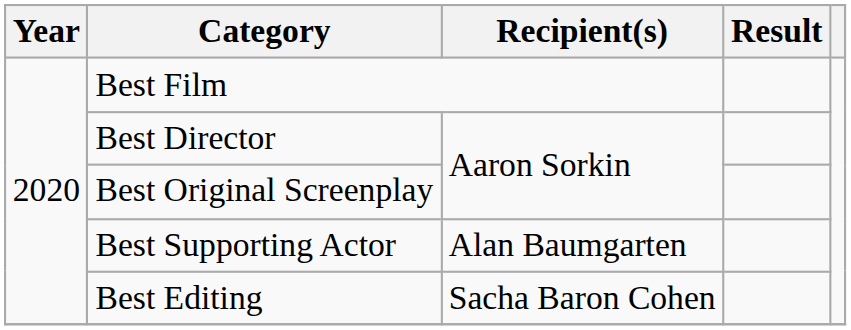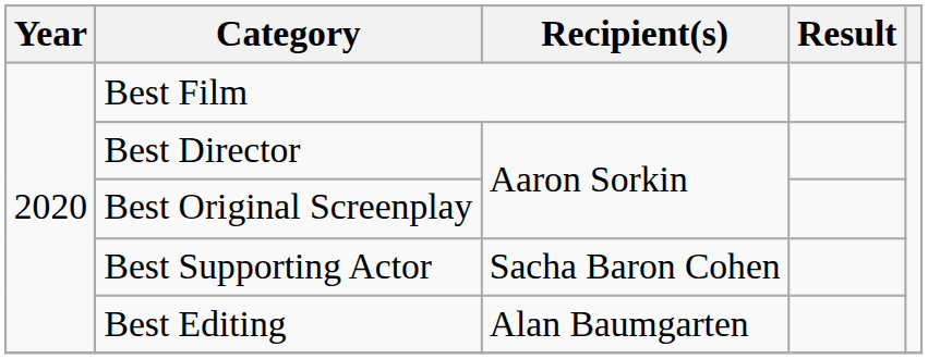 <table class="wikitable unsortable plainrowheaders">
 <tr>
 <th scope="col">Year</th>
 <th scope="col">Category</th>
 <th scope="col">Recipient(s)</th>
 <th scope="col">Result</th>
 <th scope="col" class="unsortable"></th>
 </tr>
 <tr>
 <td rowspan="5">2020</td>
 <td colspan="2">Best Film</td>
 <td></td>
 <td rowspan="5" align="center"></td>
 </tr>
 <tr>
 <td>Best Director</td>
 <td rowspan="2">Aaron Sorkin</td>
 <td></td>
 </tr>
 <tr>
 <td>Best Original Screenplay</td>
 <td></td>
 </tr>
 <tr>
 <td>Best Supporting Actor</td>
-<td>Alan Baumgarten</td>
+<td>Sacha Baron Cohen</td>
 <td></td>
 </tr>
 <tr>
 <td>Best Editing</td>
-<td>Sacha Baron Cohen</td>
+<td>Alan Baumgarten</td>
 <td></td>
 </tr>
 <tr>
 </tr>
 </table>
